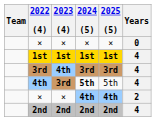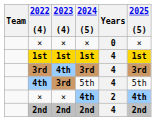 <table class="wikitable" style="text-align: center">
 <tr>
 <th>Team</th>
 <th><a href='#'>2022</a><br><br>(4)</th>
 <th><a href='#'>2023</a><br><br>(4)</th>
 <th><a href='#'>2024</a><br><br>(5)</th>
+<th>Years</th>
 <th><a href='#'>2025</a><br><br>(5)</th>
-<th>Years</th>
 </tr>
 <tr>
 <td align=left></td>
 <td>×</td>
 <td>×</td>
 <td>×</td>
+<th>0</th>
 <td>×</td>
-<th>0</th>
 </tr>
 <tr>
 <td align=left></td>
 <td bgcolor=Gold><strong>1st</strong></td>
 <td bgcolor=Gold><strong>1st</strong></td>
 <td bgcolor=Gold><strong>1st</strong></td>
+<th>4</th>
 <td bgcolor=Gold><strong>1st</strong></td>
-<th>4</th>
 </tr>
 <tr>
 <td align=left></td>
 <td bgcolor=#cc9966><strong>3rd</strong></td>
 <td bgcolor=#9acdff><strong>4th</strong></td>
 <td bgcolor=#cc9966><strong>3rd</strong></td>
+<th>4</th>
 <td bgcolor=#cc9966><strong>3rd</strong></td>
-<th>4</th>
 </tr>
 <tr>
 <td align=left></td>
 <td bgcolor=#9acdff><strong>4th</strong></td>
 <td bgcolor=#cc9966><strong>3rd</strong></td>
-<td><strong>5th</strong></td>
 <td>5th</td>
 <th>4</th>
+<td>5th</td>
 </tr>
 <tr>
 <td align=left></td>
 <td>×</td>
 <td>×</td>
 <td bgcolor=#9acdff><strong>4th</strong></td>
+<th>2</th>
 <td bgcolor=#9acdff><strong>4th</strong></td>
-<th>2</th>
 </tr>
 <tr>
 <td align=left></td>
 <td bgcolor=Silver><strong>2nd</strong></td>
 <td bgcolor=Silver><strong>2nd</strong></td>
 <td bgcolor=Silver><strong>2nd</strong></td>
+<th>4</th>
 <td bgcolor=Silver><strong>2nd</strong></td>
-<th>4</th>
 </tr>
 </table>
